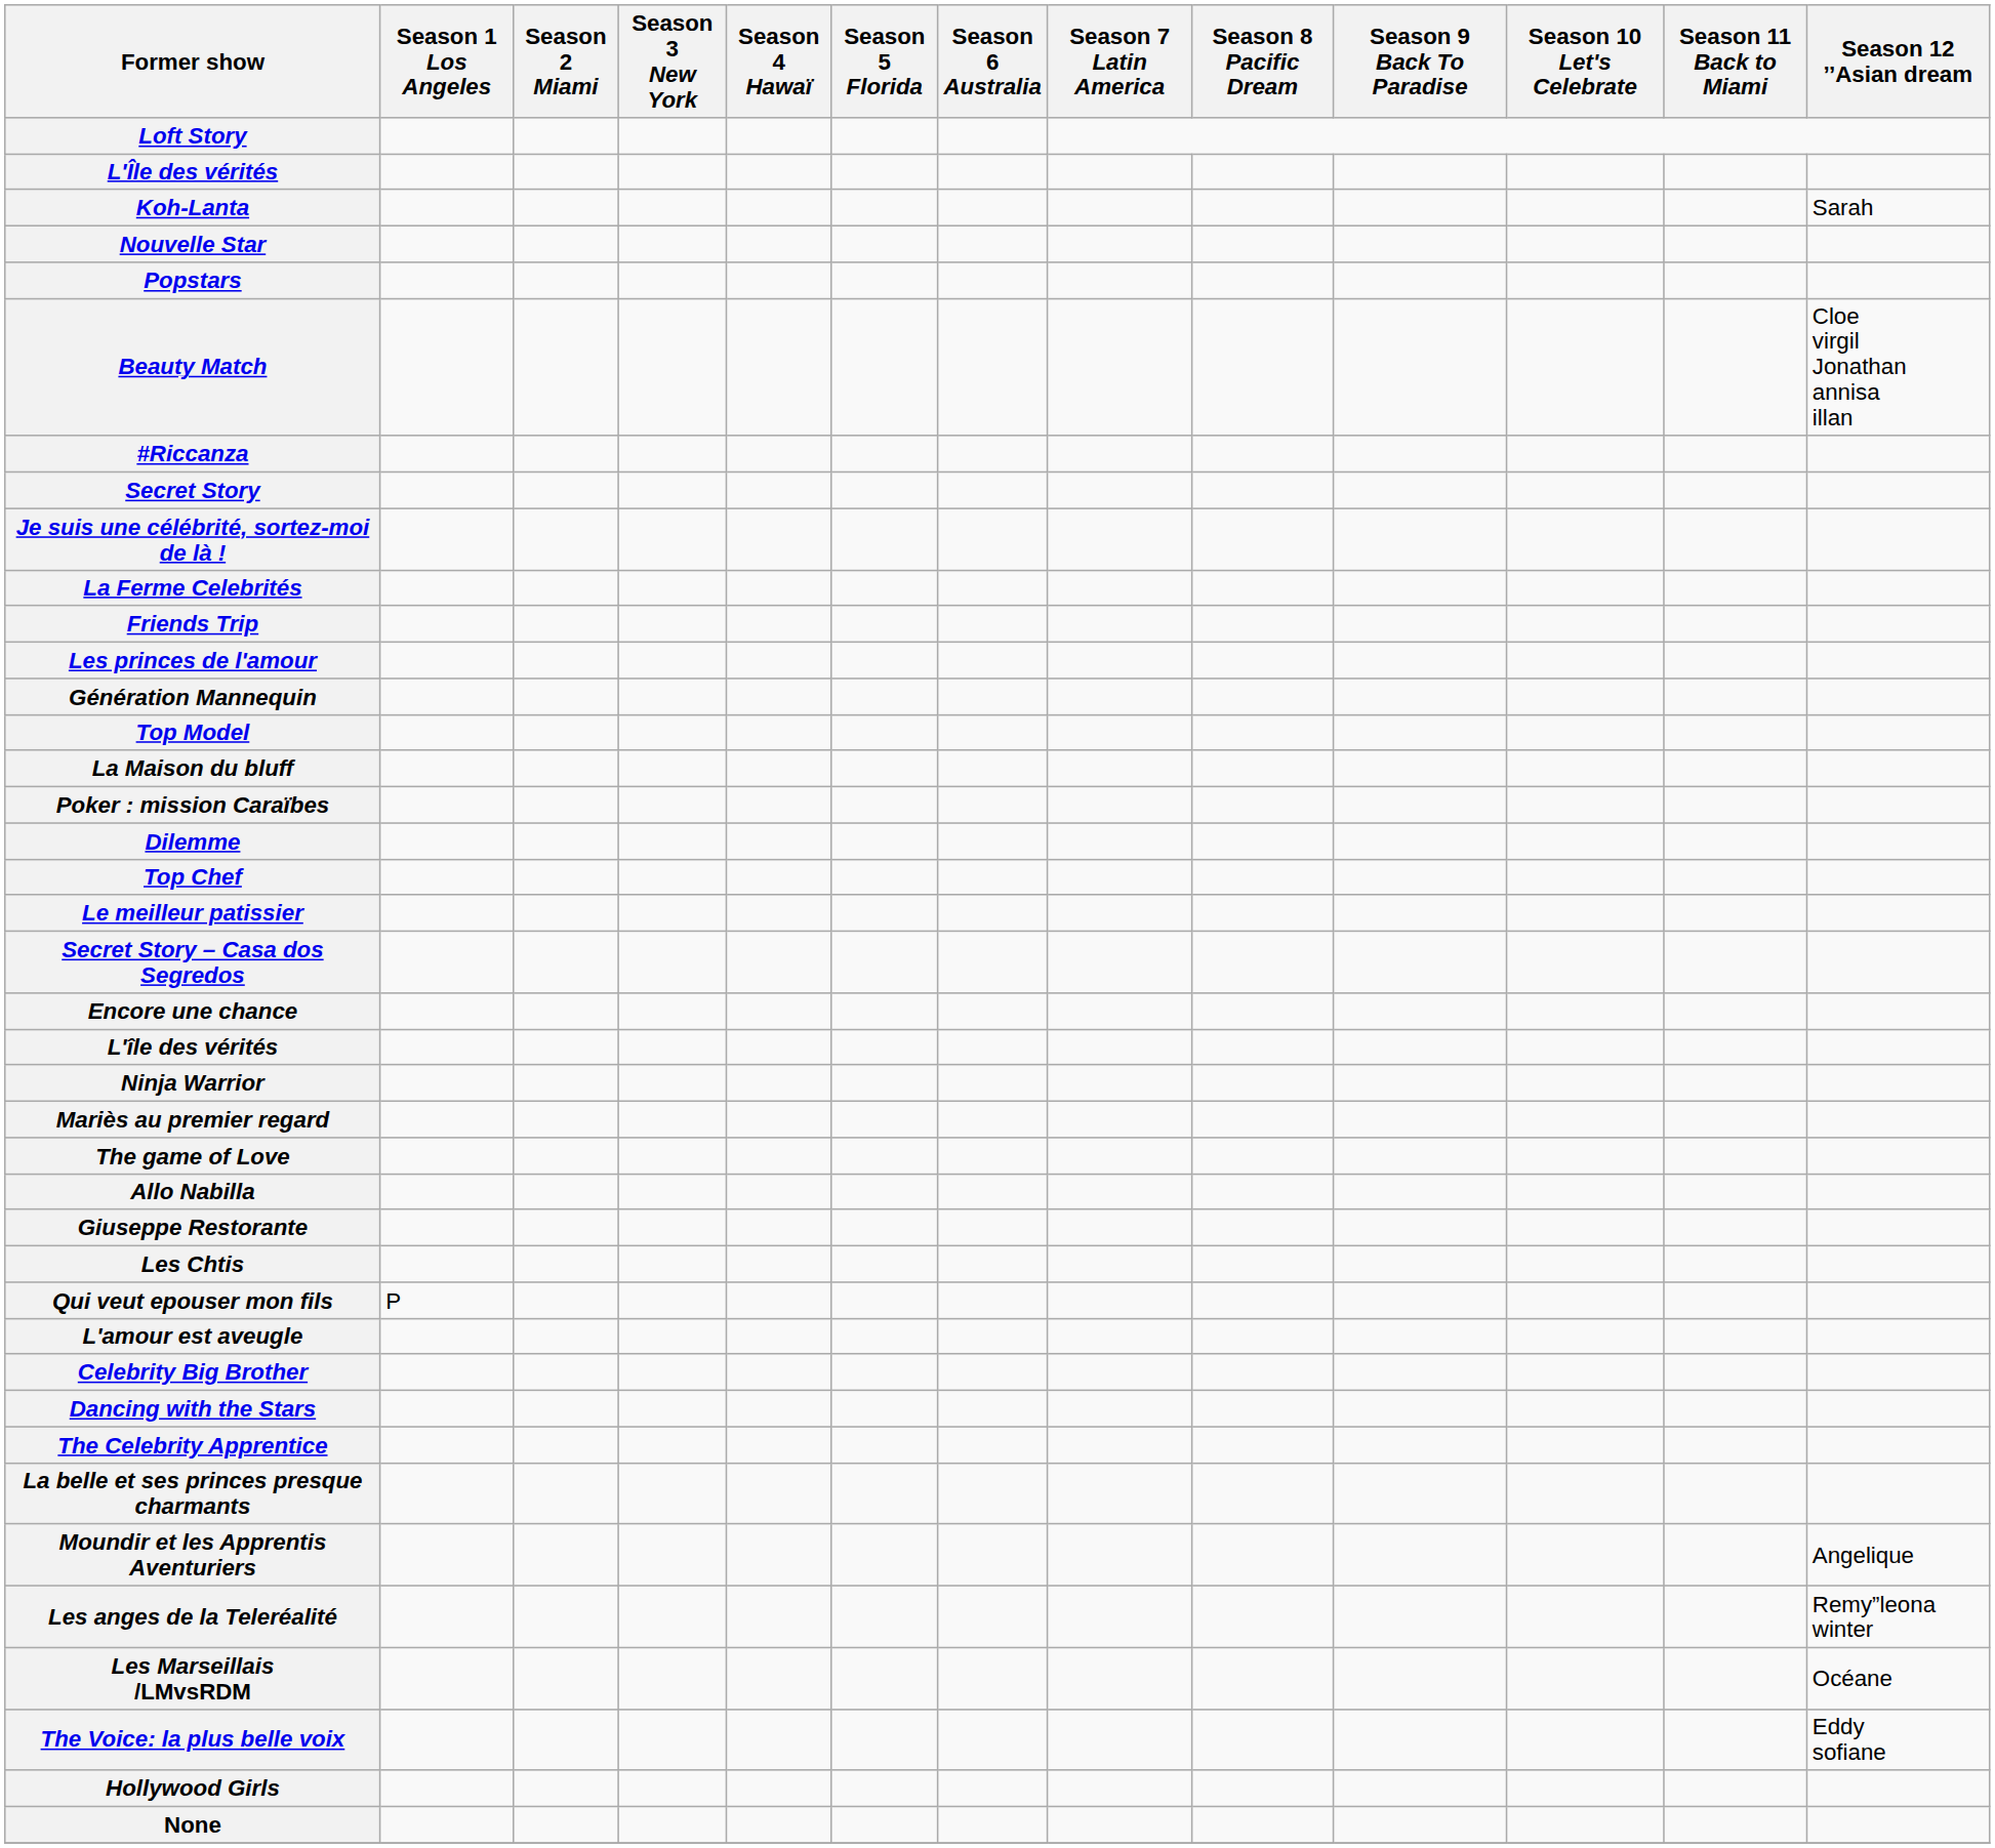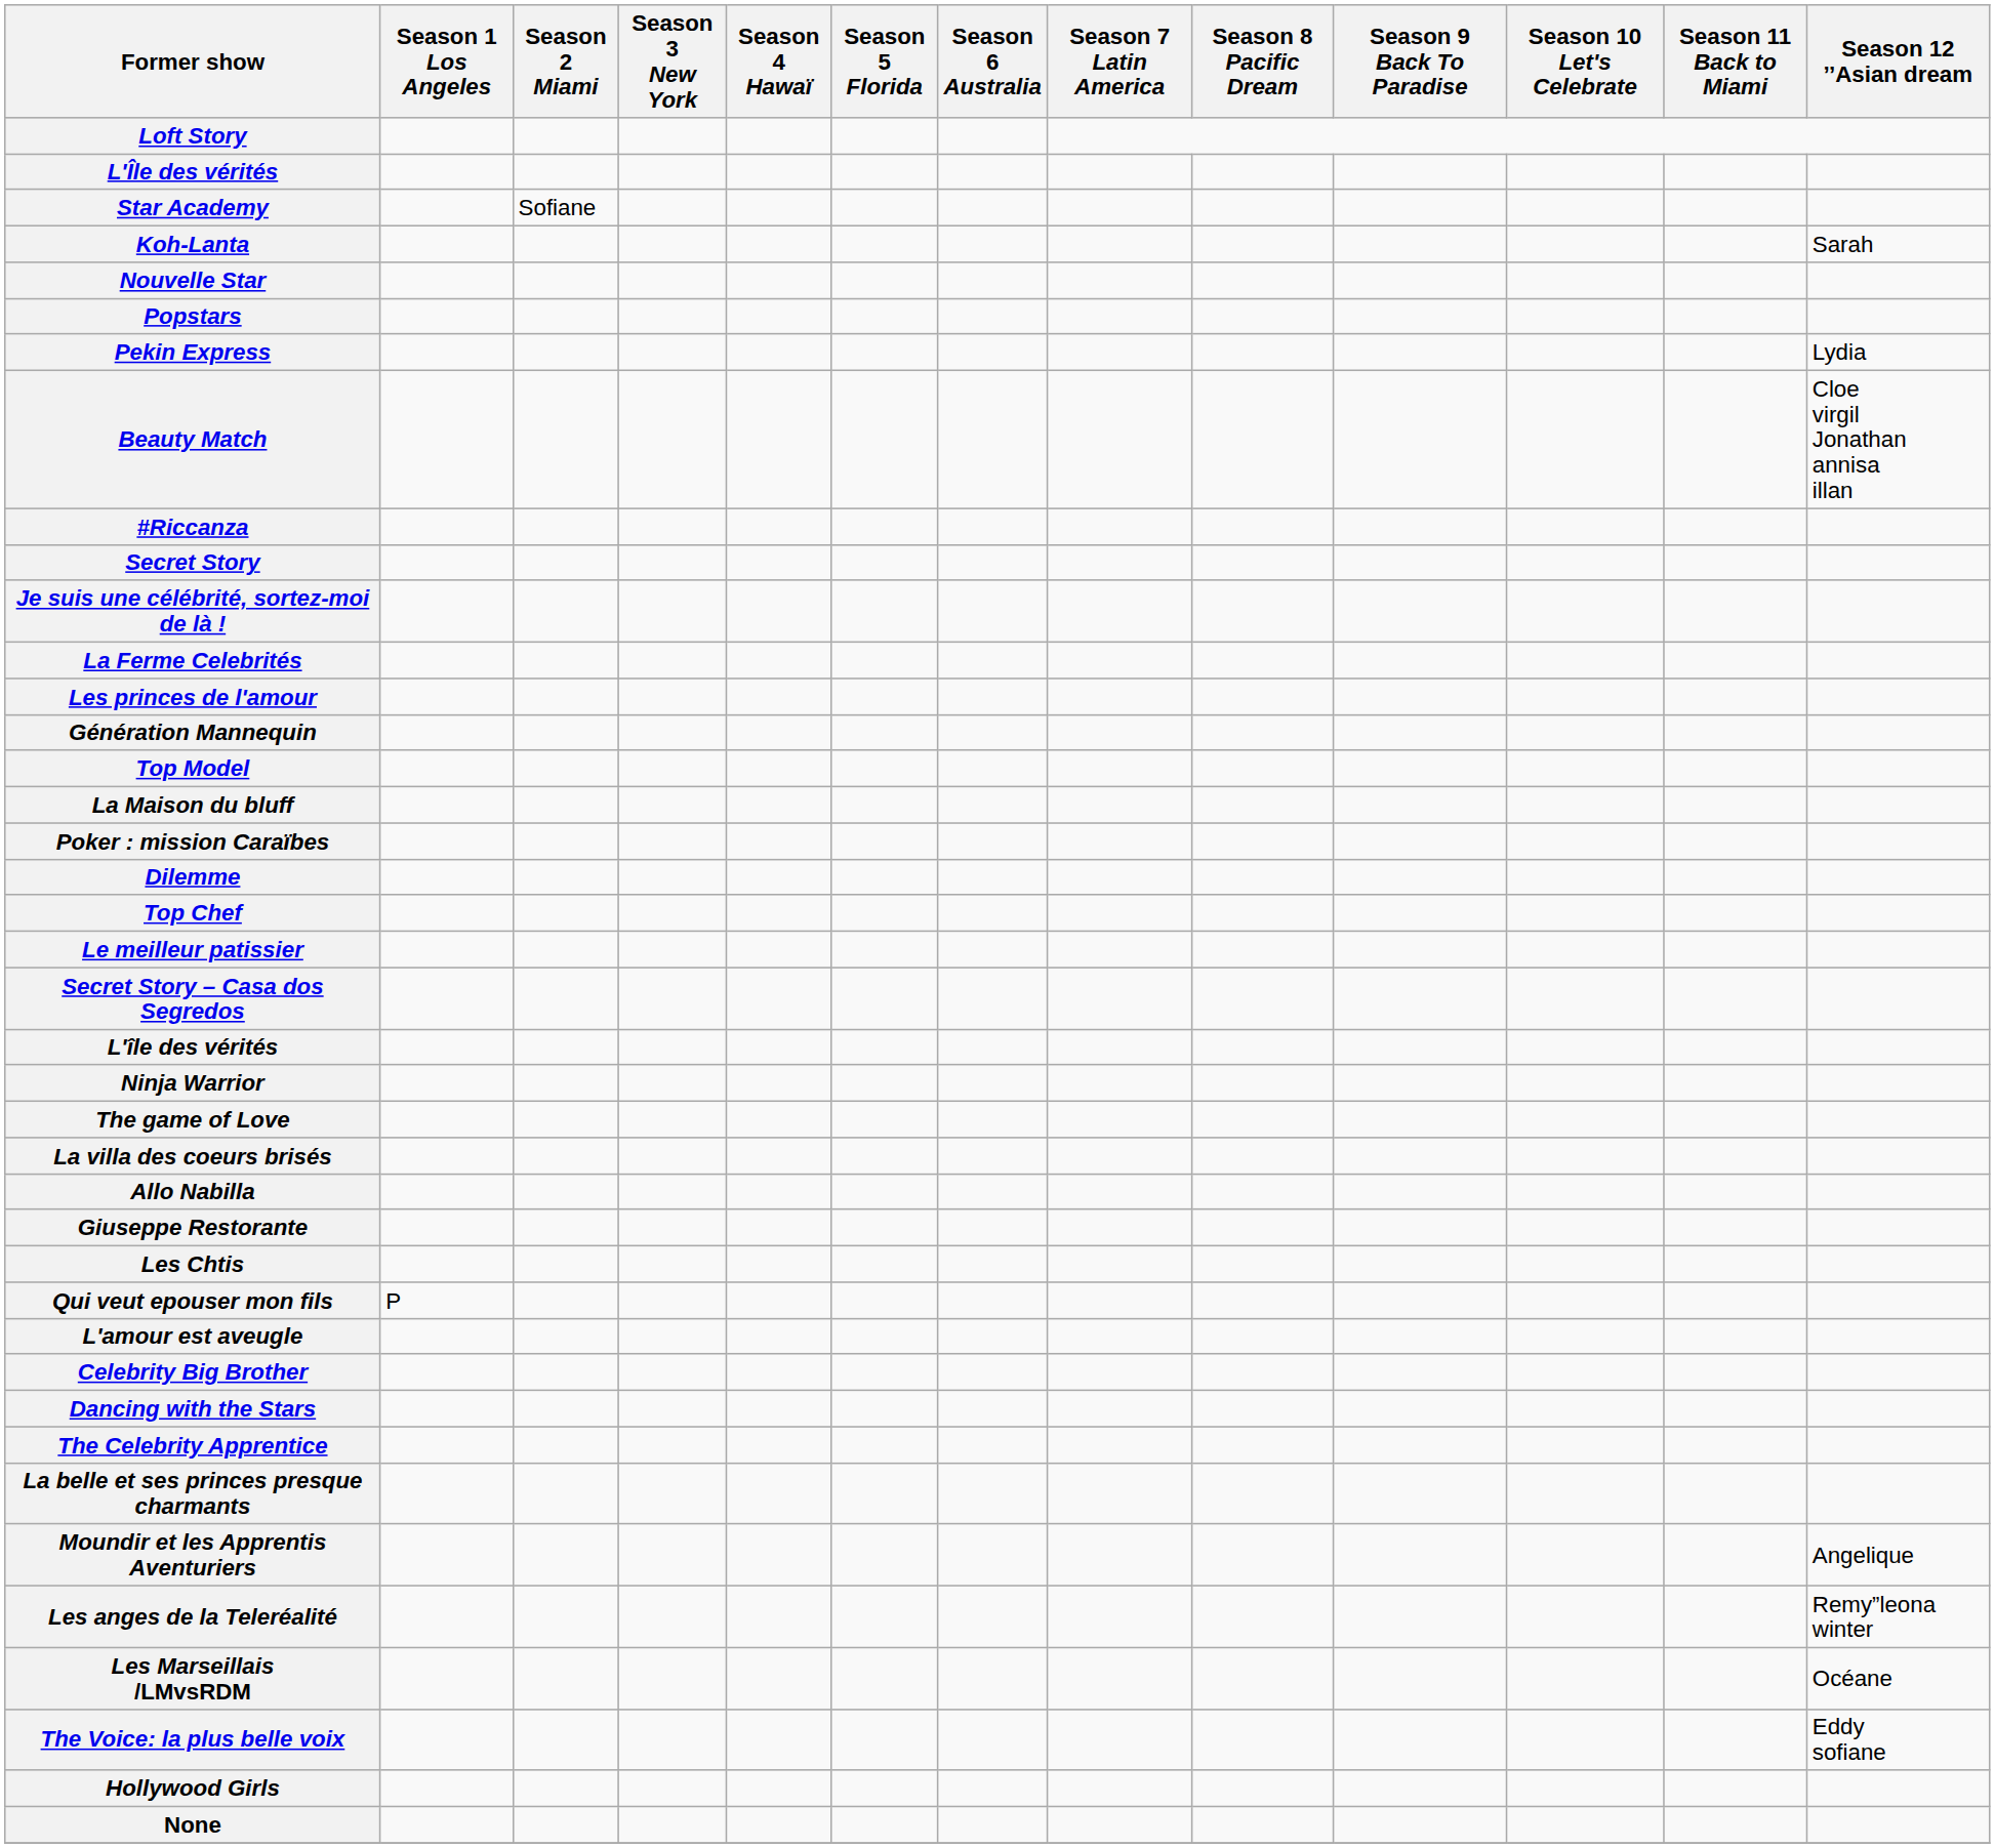 <table class="wikitable" style="font-size:90%;">
 <tr>
 <th>Former show</th>
 <th>Season 1<br><em>Los Angeles</em></th>
 <th>Season 2<br><em>Miami</em></th>
 <th>Season 3<br><em>New York</em></th>
 <th>Season 4<br><em>Hawaï</em></th>
 <th>Season 5<br><em>Florida</em></th>
 <th>Season 6<br><em>Australia</em></th>
 <th>Season 7<br><em>Latin America</em></th>
 <th>Season 8<br><em>Pacific Dream</em></th>
 <th>Season 9<br><em>Back To Paradise</em></th>
 <th>Season 10<br><em>Let's Celebrate</em></th>
 <th>Season 11<br><em>Back to Miami</em></th>
 <th>Season 12<br>’’Asian dream</th>
 </tr>
 <tr>
 <th><em><a href='#'>Loft Story</a></em></th>
 <td></td>
 <td></td>
 <td></td>
 <td></td>
 <td></td>
 <td></td>
 </tr>
 <tr>
 <th><em><a href='#'>L'Île des vérités</a></em></th>
 <td></td>
 <td></td>
+<td></td>
+<td></td>
+<td></td>
+<td></td>
+<td></td>
+<td></td>
+<td></td>
+<td></td>
+<td></td>
+<td></td>
+</tr>
+<tr>
+<th><em><a href='#'>Star Academy</a></em></th>
+<td></td>
+<td>Sofiane</td>
 <td></td>
 <td></td>
 <td></td>
 <td></td>
 <td></td>
 <td></td>
 <td></td>
 <td></td>
 <td></td>
 <td></td>
 </tr>
 <tr>
 <th><em><a href='#'>Koh-Lanta</a></em></th>
 <td></td>
 <td></td>
 <td></td>
 <td></td>
 <td></td>
 <td></td>
 <td></td>
 <td></td>
 <td></td>
 <td></td>
 <td></td>
 <td>Sarah</td>
 </tr>
 <tr>
 <th><em><a href='#'>Nouvelle Star</a></em></th>
 <td></td>
 <td></td>
 <td></td>
 <td></td>
 <td></td>
 <td></td>
 <td></td>
 <td></td>
 <td></td>
 <td></td>
 <td></td>
 <td></td>
 </tr>
 <tr>
 <th><em><a href='#'>Popstars</a></em></th>
 <td></td>
 <td></td>
 <td></td>
 <td></td>
 <td></td>
 <td></td>
 <td></td>
 <td></td>
 <td></td>
 <td></td>
 <td></td>
 <td></td>
+</tr>
+<tr>
+<th><em><a href='#'>Pekin Express</a></em></th>
+<td></td>
+<td></td>
+<td></td>
+<td></td>
+<td></td>
+<td></td>
+<td></td>
+<td></td>
+<td></td>
+<td></td>
+<td></td>
+<td>Lydia</td>
 </tr>
 <tr>
 <th><em><a href='#'>Beauty Match</a></em></th>
 <td></td>
 <td></td>
 <td></td>
 <td></td>
 <td></td>
 <td></td>
 <td></td>
 <td></td>
 <td></td>
 <td></td>
 <td></td>
 <td>Cloe<br>virgil<br>Jonathan<br>annisa<br>illan  <br></td>
 </tr>
 <tr>
 <th><em><a href='#'>#Riccanza</a></em></th>
 <td></td>
 <td></td>
 <td></td>
 <td></td>
 <td></td>
 <td></td>
 <td></td>
 <td></td>
 <td></td>
 <td></td>
 <td></td>
 <td></td>
 </tr>
 <tr>
 <th><em><a href='#'>Secret Story</a></em></th>
 <td></td>
 <td></td>
 <td></td>
 <td></td>
 <td></td>
 <td></td>
 <td></td>
 <td></td>
 <td></td>
 <td></td>
 <td></td>
 <td></td>
 </tr>
 <tr>
 <th><em><a href='#'>Je suis une célébrité, sortez-moi de là !</a></em></th>
 <td></td>
 <td></td>
 <td></td>
 <td></td>
 <td></td>
 <td></td>
 <td></td>
 <td></td>
 <td></td>
 <td></td>
 <td></td>
 <td></td>
 </tr>
 <tr>
 <th><em><a href='#'>La Ferme Celebrités</a></em></th>
-<td></td>
-<td></td>
-<td></td>
-<td></td>
-<td></td>
-<td></td>
-<td></td>
-<td></td>
-<td></td>
-<td></td>
-<td></td>
-<td></td>
-</tr>
-<tr>
-<th><em><a href='#'>Friends Trip</a></em></th>
 <td></td>
 <td></td>
 <td></td>
 <td></td>
 <td></td>
 <td></td>
 <td></td>
 <td></td>
 <td></td>
 <td></td>
 <td></td>
 <td></td>
 </tr>
 <tr>
 <th><em><a href='#'>Les princes de l'amour</a></em></th>
 <td></td>
 <td></td>
 <td></td>
 <td></td>
 <td></td>
 <td></td>
 <td></td>
 <td></td>
 <td></td>
 <td></td>
 <td></td>
 <td></td>
 </tr>
 <tr>
 <th><em>Génération Mannequin</em></th>
 <td></td>
 <td></td>
 <td></td>
 <td></td>
 <td></td>
 <td></td>
 <td></td>
 <td></td>
 <td></td>
 <td></td>
 <td></td>
 <td></td>
 </tr>
 <tr>
 <th><em><a href='#'>Top Model</a></em></th>
 <td></td>
 <td></td>
 <td></td>
 <td></td>
 <td></td>
 <td></td>
 <td></td>
 <td></td>
 <td></td>
 <td></td>
 <td></td>
 <td></td>
 </tr>
 <tr>
 <th><em>La Maison du bluff</em></th>
 <td></td>
 <td></td>
 <td></td>
 <td></td>
 <td></td>
 <td></td>
 <td></td>
 <td></td>
 <td></td>
 <td></td>
 <td></td>
 <td></td>
 </tr>
 <tr>
 <th><em>Poker : mission Caraïbes</em></th>
 <td></td>
 <td></td>
 <td></td>
 <td></td>
 <td></td>
 <td></td>
 <td></td>
 <td></td>
 <td></td>
 <td></td>
 <td></td>
 <td></td>
 </tr>
 <tr>
 <th><em><a href='#'>Dilemme</a></em></th>
 <td></td>
 <td></td>
 <td></td>
 <td></td>
 <td></td>
 <td></td>
 <td></td>
 <td></td>
 <td></td>
 <td></td>
 <td></td>
 <td></td>
 </tr>
 <tr>
 <th><em><a href='#'>Top Chef</a></em></th>
 <td></td>
 <td></td>
 <td></td>
 <td></td>
 <td></td>
 <td></td>
 <td></td>
 <td></td>
 <td></td>
 <td></td>
 <td></td>
 <td></td>
 </tr>
 <tr>
 <th><em><a href='#'>Le meilleur patissier</a></em></th>
 <td></td>
 <td></td>
 <td></td>
 <td></td>
 <td></td>
 <td></td>
 <td></td>
 <td></td>
 <td></td>
 <td></td>
 <td></td>
 <td></td>
 </tr>
 <tr>
 <th><em><a href='#'>Secret Story – Casa dos Segredos</a></em></th>
 <td></td>
 <td></td>
 <td></td>
 <td></td>
 <td></td>
 <td></td>
 <td></td>
 <td></td>
 <td></td>
 <td></td>
 <td></td>
 <td></td>
 </tr>
 <tr>
-<th><em>Encore une chance</em></th>
-<td></td>
-<td></td>
-<td></td>
-<td></td>
-<td></td>
-<td></td>
-<td></td>
-<td></td>
-<td></td>
-<td></td>
-<td></td>
-<td></td>
-</tr>
-<tr>
 <th><em>L'île des vérités</em></th>
 <td></td>
 <td></td>
 <td></td>
 <td></td>
 <td></td>
 <td></td>
 <td></td>
 <td></td>
 <td></td>
 <td></td>
 <td></td>
 <td></td>
 </tr>
 <tr>
 <th><em>Ninja Warrior</em></th>
 <td></td>
 <td></td>
 <td></td>
 <td></td>
 <td></td>
 <td></td>
 <td></td>
 <td></td>
 <td></td>
 <td></td>
 <td></td>
 <td></td>
 </tr>
 <tr>
-<th><em>Mariès au premier regard</em></th>
+<th><em>The game of Love</em></th>
 <td></td>
 <td></td>
 <td></td>
 <td></td>
 <td></td>
 <td></td>
 <td></td>
 <td></td>
 <td></td>
 <td></td>
 <td></td>
 <td></td>
 </tr>
 <tr>
-<th><em>The game of Love</em></th>
+<th><em>La villa des coeurs brisés</em></th>
 <td></td>
 <td></td>
 <td></td>
 <td></td>
 <td></td>
 <td></td>
 <td></td>
 <td></td>
 <td></td>
 <td></td>
 <td></td>
 <td></td>
 </tr>
 <tr>
 <th><em>Allo Nabilla</em></th>
 <td></td>
 <td></td>
 <td></td>
 <td></td>
 <td></td>
 <td></td>
 <td></td>
 <td></td>
 <td></td>
 <td></td>
 <td></td>
 <td></td>
 </tr>
 <tr>
 <th><em>Giuseppe Restorante</em></th>
 <td></td>
 <td></td>
 <td></td>
 <td></td>
 <td></td>
 <td></td>
 <td></td>
 <td></td>
 <td></td>
 <td></td>
 <td></td>
 <td></td>
 </tr>
 <tr>
 <th><em>Les Chtis</em></th>
 <td></td>
 <td></td>
 <td></td>
 <td></td>
 <td></td>
 <td></td>
 <td></td>
 <td></td>
 <td></td>
 <td></td>
 <td></td>
 <td></td>
 </tr>
 <tr>
 <th><em>Qui veut epouser mon fils</em></th>
 <td>P</td>
 <td></td>
 <td></td>
 <td></td>
 <td></td>
 <td></td>
 <td></td>
 <td></td>
 <td></td>
 <td></td>
 <td></td>
 <td></td>
 </tr>
 <tr>
 <th><em>L'amour est aveugle</em></th>
 <td></td>
 <td></td>
 <td></td>
 <td></td>
 <td></td>
 <td></td>
 <td></td>
 <td></td>
 <td></td>
 <td></td>
 <td></td>
 <td></td>
 </tr>
 <tr>
 <th><em><a href='#'>Celebrity Big Brother</a></em></th>
 <td></td>
 <td></td>
 <td></td>
 <td></td>
 <td></td>
 <td></td>
 <td></td>
 <td></td>
 <td></td>
 <td></td>
 <td></td>
 <td></td>
 </tr>
 <tr>
 <th><em><a href='#'>Dancing with the Stars</a></em></th>
 <td></td>
 <td></td>
 <td></td>
 <td></td>
 <td></td>
 <td></td>
 <td></td>
 <td></td>
 <td></td>
 <td></td>
 <td></td>
 <td></td>
 </tr>
 <tr>
 <th><em><a href='#'>The Celebrity Apprentice</a></em></th>
 <td></td>
 <td></td>
 <td></td>
 <td></td>
 <td></td>
 <td></td>
 <td></td>
 <td></td>
 <td></td>
 <td></td>
 <td></td>
 <td></td>
 </tr>
 <tr>
 <th><em>La belle et ses princes presque charmants</em></th>
 <td></td>
 <td></td>
 <td></td>
 <td></td>
 <td></td>
 <td></td>
 <td></td>
 <td></td>
 <td></td>
 <td></td>
 <td></td>
 <td></td>
 </tr>
 <tr>
 <th><em>Moundir et les Apprentis Aventuriers</em></th>
 <td></td>
 <td></td>
 <td></td>
 <td></td>
 <td></td>
 <td></td>
 <td></td>
 <td></td>
 <td></td>
 <td></td>
 <td></td>
 <td>Angelique</td>
 </tr>
 <tr>
 <th><em>Les anges de la Teleréalité</em></th>
 <td></td>
 <td></td>
 <td></td>
 <td></td>
 <td></td>
 <td></td>
 <td></td>
 <td></td>
 <td></td>
 <td></td>
 <td></td>
 <td>Remy”leona winter</td>
 </tr>
 <tr>
 <th><em>Les Marseillais</em><br>/LMvsRDM</th>
 <td></td>
 <td></td>
 <td></td>
 <td></td>
 <td></td>
 <td></td>
 <td></td>
 <td></td>
 <td></td>
 <td></td>
 <td></td>
 <td>Océane</td>
 </tr>
 <tr>
 <th><em><a href='#'>The Voice: la plus belle voix</a></em></th>
 <td></td>
 <td></td>
 <td></td>
 <td></td>
 <td></td>
 <td></td>
 <td></td>
 <td></td>
 <td></td>
 <td></td>
 <td></td>
 <td>Eddy<br>sofiane</td>
 </tr>
 <tr>
 <th><em>Hollywood Girls</em></th>
 <td></td>
 <td></td>
 <td></td>
 <td></td>
 <td></td>
 <td></td>
 <td></td>
 <td></td>
 <td></td>
 <td></td>
 <td></td>
 <td></td>
 </tr>
 <tr>
 <th>None</th>
 <td></td>
 <td></td>
 <td></td>
 <td></td>
 <td></td>
 <td></td>
 <td></td>
 <td></td>
 <td></td>
 <td></td>
 <td></td>
 <td></td>
 </tr>
 <tr>
 </tr>
 </table>
